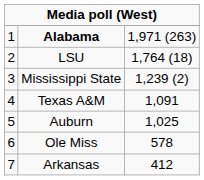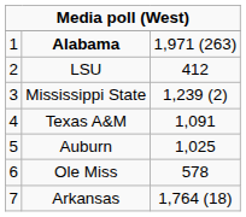 <table class="wikitable">
 <tr align="center">
 <td align="center" Colspan="3"><strong>Media poll (West)</strong></td>
 </tr>
 <tr align="center">
 </tr>
 <tr align="center">
 <td>1</td>
 <td><strong>Alabama</strong></td>
 <td>1,971 (263)</td>
 </tr>
 <tr align="center">
 <td>2</td>
 <td>LSU</td>
-<td>1,764 (18)</td>
+<td>412</td>
 </tr>
 <tr align="center">
 <td>3</td>
 <td>Mississippi State</td>
 <td>1,239 (2)</td>
 </tr>
 <tr align="center">
 <td>4</td>
 <td>Texas A&M</td>
 <td>1,091</td>
 </tr>
 <tr align="center">
 <td>5</td>
 <td>Auburn</td>
 <td>1,025</td>
 </tr>
 <tr align="center">
 <td>6</td>
 <td>Ole Miss</td>
 <td>578</td>
 </tr>
 <tr align="center">
 <td>7</td>
 <td>Arkansas</td>
-<td>412</td>
+<td>1,764 (18)</td>
 </tr>
 </table>
